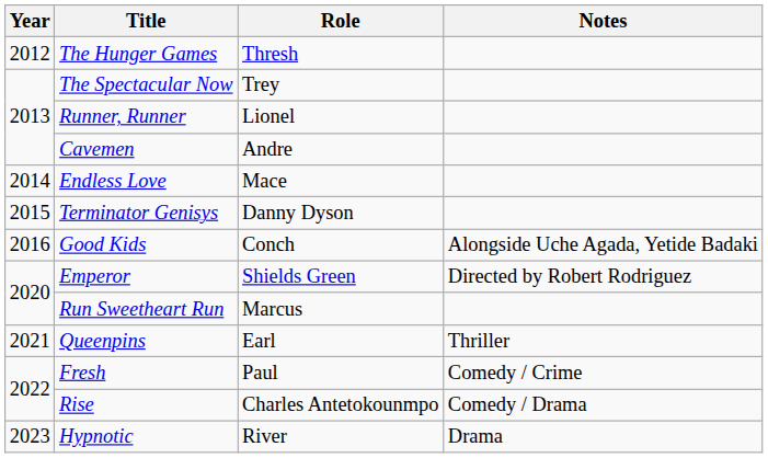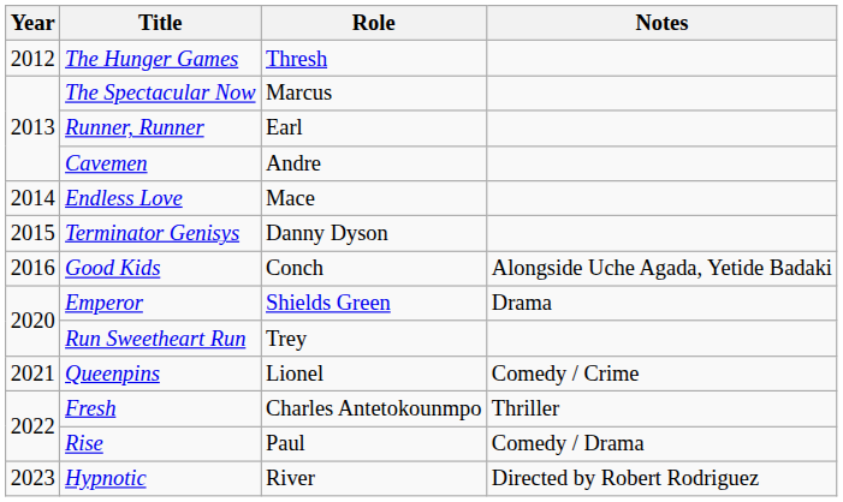 <table class="wikitable sortable">
 <tr>
 <th>Year</th>
 <th>Title</th>
 <th>Role</th>
 <th>Notes</th>
 </tr>
 <tr>
 <td>2012</td>
 <td><em><a href='#'>The Hunger Games</a></em></td>
 <td><a href='#'>Thresh</a></td>
 <td></td>
 </tr>
 <tr>
 <td rowspan=3>2013</td>
 <td><em><a href='#'>The Spectacular Now</a></em></td>
-<td>Trey</td>
+<td>Marcus</td>
 <td></td>
 </tr>
 <tr>
 <td><em><a href='#'>Runner, Runner</a></em></td>
-<td>Lionel</td>
+<td>Earl</td>
 <td></td>
 </tr>
 <tr>
 <td><em><a href='#'>Cavemen</a></em></td>
 <td>Andre</td>
 <td></td>
 </tr>
 <tr>
 <td>2014</td>
 <td><em><a href='#'>Endless Love</a></em></td>
 <td>Mace</td>
 <td></td>
 </tr>
 <tr>
 <td>2015</td>
 <td><em><a href='#'>Terminator Genisys</a></em></td>
 <td>Danny Dyson</td>
 <td></td>
 </tr>
 <tr>
 <td>2016</td>
 <td><em><a href='#'>Good Kids</a></em></td>
 <td>Conch</td>
 <td>Alongside Uche Agada, Yetide Badaki</td>
 </tr>
 <tr>
 <td rowspan=2>2020</td>
 <td><em><a href='#'>Emperor</a></em></td>
 <td><a href='#'>Shields Green</a></td>
-<td>Directed by Robert Rodriguez</td>
+<td>Drama</td>
 </tr>
 <tr>
 <td><em><a href='#'>Run Sweetheart Run</a></em></td>
-<td>Marcus</td>
+<td>Trey</td>
 <td></td>
 </tr>
 <tr>
 <td>2021</td>
 <td><em><a href='#'>Queenpins</a></em></td>
-<td>Earl</td>
-<td>Thriller</td>
+<td>Lionel</td>
+<td>Comedy / Crime</td>
 </tr>
 <tr>
 <td rowspan=2>2022</td>
 <td><em><a href='#'>Fresh</a></em></td>
-<td>Paul</td>
-<td>Comedy / Crime</td>
+<td>Charles Antetokounmpo</td>
+<td>Thriller</td>
 </tr>
 <tr>
 <td><em><a href='#'>Rise</a></em></td>
-<td>Charles Antetokounmpo</td>
+<td>Paul</td>
 <td>Comedy / Drama</td>
 </tr>
 <tr>
 <td>2023</td>
 <td><em><a href='#'>Hypnotic</a></em></td>
 <td>River</td>
-<td>Drama</td>
+<td>Directed by Robert Rodriguez</td>
 </tr>
 </table>
